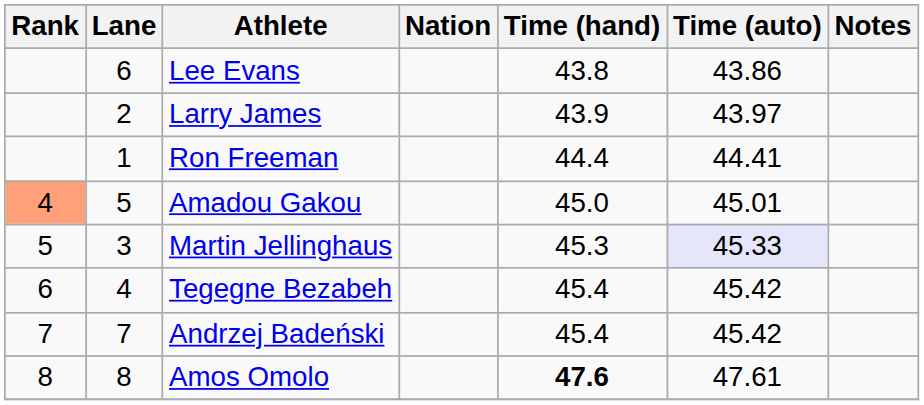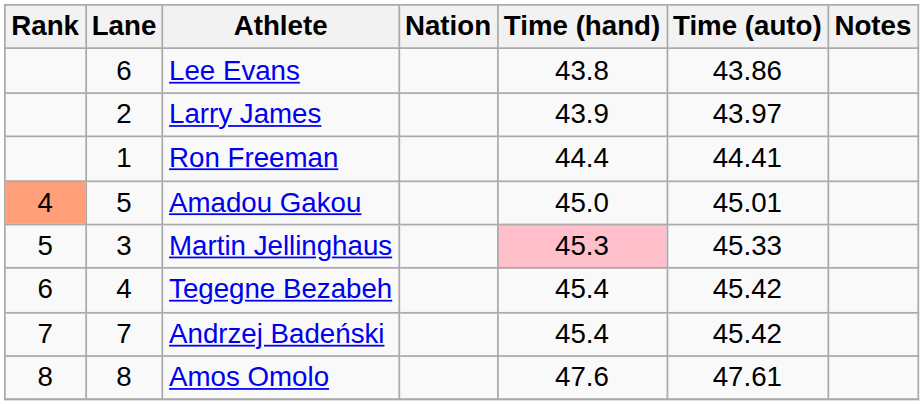 <table class="wikitable sortable" style="text-align:center">
 <tr>
 <th>Rank</th>
 <th>Lane</th>
 <th>Athlete</th>
 <th>Nation</th>
 <th>Time (hand)</th>
 <th>Time (auto)</th>
 <th>Notes</th>
 </tr>
 <tr>
 <td></td>
 <td>6</td>
 <td align=left><a href='#'>Lee Evans</a></td>
 <td align=left></td>
 <td>43.8</td>
 <td>43.86</td>
 <td></td>
 </tr>
 <tr>
 <td></td>
 <td>2</td>
 <td align=left><a href='#'>Larry James</a></td>
 <td align=left></td>
 <td>43.9</td>
 <td>43.97</td>
 <td></td>
 </tr>
 <tr>
 <td></td>
 <td>1</td>
 <td align=left><a href='#'>Ron Freeman</a></td>
 <td align=left></td>
 <td>44.4</td>
 <td>44.41</td>
 <td></td>
 </tr>
 <tr>
 <td style="background: lightsalmon;">4</td>
 <td>5</td>
 <td align=left><a href='#'>Amadou Gakou</a></td>
 <td align=left></td>
 <td>45.0</td>
 <td>45.01</td>
 <td></td>
 </tr>
 <tr>
 <td>5</td>
 <td>3</td>
 <td align=left><a href='#'>Martin Jellinghaus</a></td>
 <td align=left></td>
-<td>45.3</td>
-<td style="background: lavender;">45.33</td>
+<td style="background: pink;">45.3</td>
+<td>45.33</td>
 <td></td>
 </tr>
 <tr>
 <td>6</td>
 <td>4</td>
 <td align=left><a href='#'>Tegegne Bezabeh</a></td>
 <td align=left></td>
 <td>45.4</td>
 <td>45.42</td>
 <td></td>
 </tr>
 <tr>
 <td>7</td>
 <td>7</td>
 <td align=left><a href='#'>Andrzej Badeński</a></td>
 <td align=left></td>
 <td>45.4</td>
 <td>45.42</td>
 <td></td>
 </tr>
 <tr>
 <td>8</td>
 <td>8</td>
 <td align=left><a href='#'>Amos Omolo</a></td>
 <td align=left></td>
-<td><strong>47.6</strong></td>
+<td>47.6</td>
 <td>47.61</td>
 <td></td>
 </tr>
 <tr>
 </tr>
 </table>
